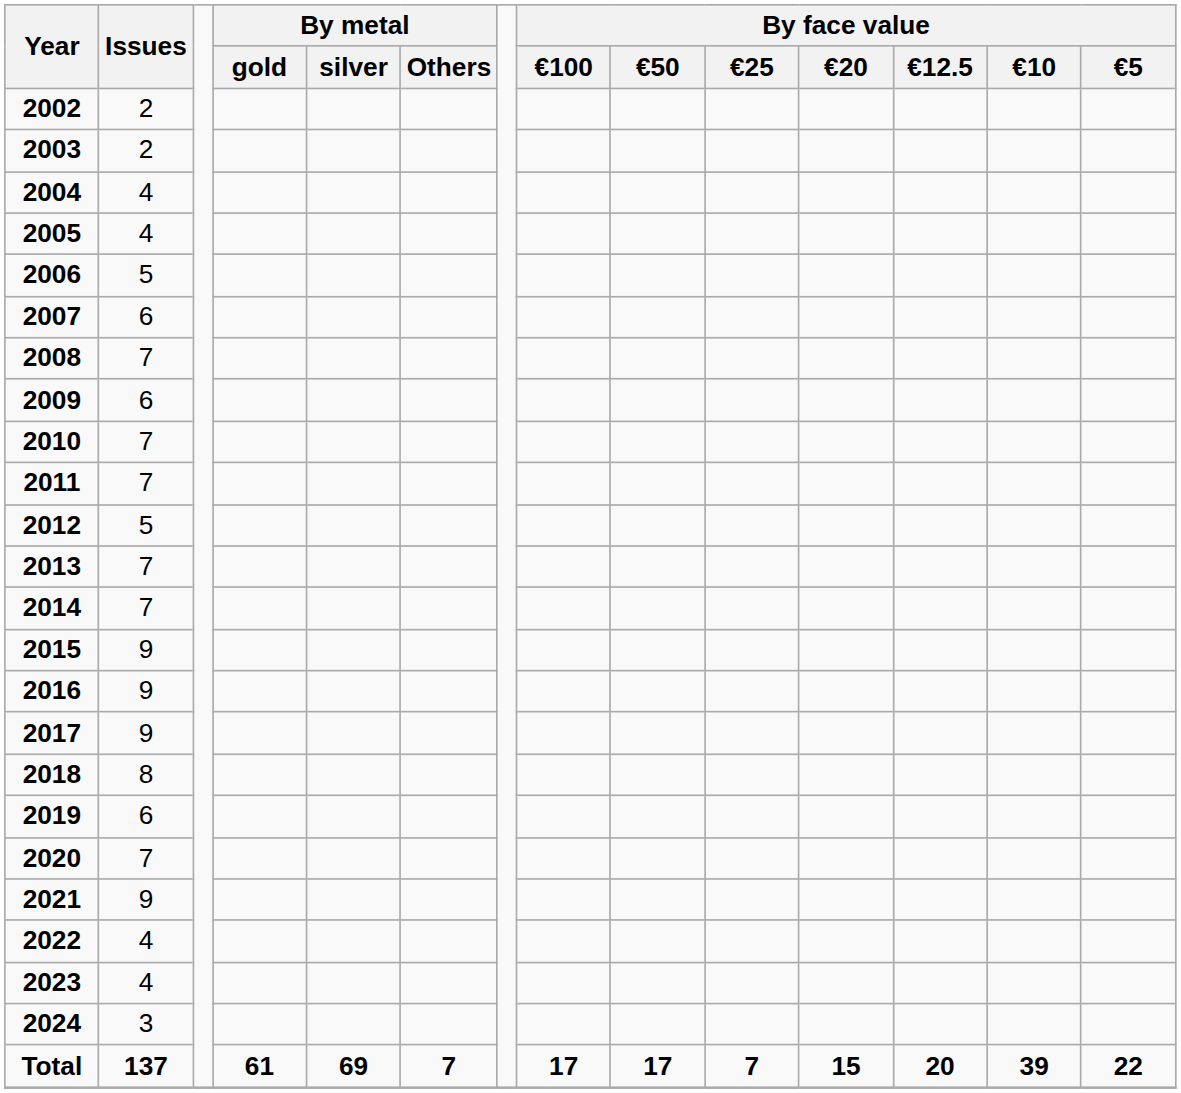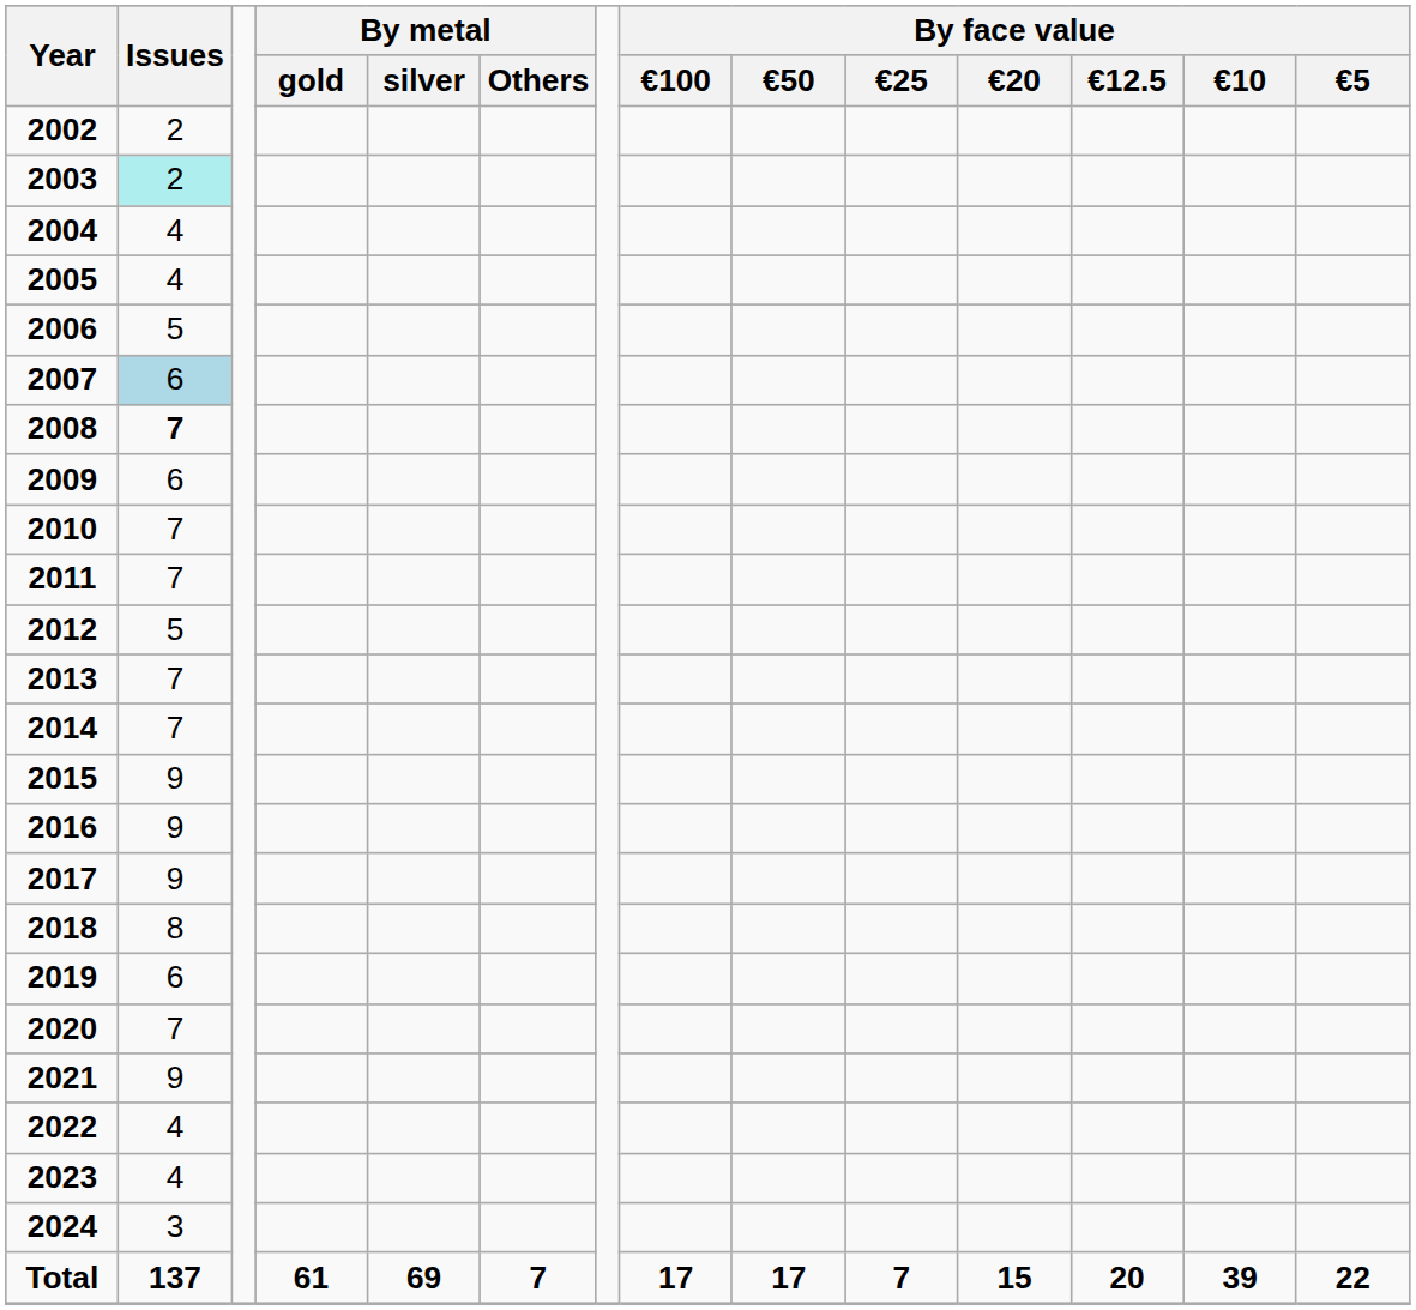 <table class="wikitable" style="text-align: center;">
 <tr>
 <th rowspan="2" style="width:50px;">Year</th>
 <th rowspan="2" style="width:50px;">Issues</th>
 <td rowspan="26"> </td>
 <th colspan=3>By metal</th>
 <td rowspan="26"> </td>
 <th colspan=7>By face value</th>
 </tr>
 <tr>
 <th style="width:50px;">gold</th>
 <th style="width:50px;">silver</th>
 <th style="width:50px;">Others</th>
 <th style="width:50px;">€100</th>
 <th style="width:50px;">€50</th>
 <th style="width:50px;">€25</th>
 <th style="width:50px;">€20</th>
 <th style="width:50px;">€12.5</th>
 <th style="width:50px;">€10</th>
 <th style="width:50px;">€5</th>
 </tr>
 <tr>
 <td style="text-align: center;"><strong>2002</strong></td>
 <td>2</td>
 <td></td>
 <td></td>
 <td></td>
 <td></td>
 <td></td>
 <td></td>
 <td></td>
 <td></td>
 <td></td>
 <td></td>
 </tr>
 <tr>
 <td style="text-align: center;"><strong>2003</strong></td>
-<td>2</td>
+<td style="background: paleturquoise;">2</td>
 <td></td>
 <td></td>
 <td></td>
 <td></td>
 <td></td>
 <td></td>
 <td></td>
 <td></td>
 <td></td>
 <td></td>
 </tr>
 <tr>
 <td style="text-align: center;"><strong>2004</strong></td>
 <td>4</td>
 <td></td>
 <td></td>
 <td></td>
 <td></td>
 <td></td>
 <td></td>
 <td></td>
 <td></td>
 <td></td>
 <td></td>
 </tr>
 <tr>
 <td style="text-align: center;"><strong>2005</strong></td>
 <td>4</td>
 <td></td>
 <td></td>
 <td></td>
 <td></td>
 <td></td>
 <td></td>
 <td></td>
 <td></td>
 <td></td>
 <td></td>
 </tr>
 <tr>
 <td style="text-align: center;"><strong>2006</strong></td>
 <td>5</td>
 <td></td>
 <td></td>
 <td></td>
 <td></td>
 <td></td>
 <td></td>
 <td></td>
 <td></td>
 <td></td>
 <td></td>
 </tr>
 <tr>
 <td style="text-align: center;"><strong>2007</strong></td>
-<td>6</td>
+<td style="background: lightblue;">6</td>
 <td></td>
 <td></td>
 <td></td>
 <td></td>
 <td></td>
 <td></td>
 <td></td>
 <td></td>
 <td></td>
 <td></td>
 </tr>
 <tr>
 <td style="text-align: center;"><strong>2008</strong></td>
-<td>7</td>
+<td><strong>7</strong></td>
 <td></td>
 <td></td>
 <td></td>
 <td></td>
 <td></td>
 <td></td>
 <td></td>
 <td></td>
 <td></td>
 <td></td>
 </tr>
 <tr>
 <td style="text-align: center;"><strong>2009</strong></td>
 <td>6</td>
 <td></td>
 <td></td>
 <td></td>
 <td></td>
 <td></td>
 <td></td>
 <td></td>
 <td></td>
 <td></td>
 <td></td>
 </tr>
 <tr>
 <td style="text-align: center;"><strong>2010</strong></td>
 <td>7</td>
 <td></td>
 <td></td>
 <td></td>
 <td></td>
 <td></td>
 <td></td>
 <td></td>
 <td></td>
 <td></td>
 <td></td>
 </tr>
 <tr>
 <td style="text-align: center;"><strong>2011</strong></td>
 <td>7</td>
 <td></td>
 <td></td>
 <td></td>
 <td></td>
 <td></td>
 <td></td>
 <td></td>
 <td></td>
 <td></td>
 <td></td>
 </tr>
 <tr>
 <td style="text-align: center;"><strong>2012</strong></td>
 <td>5</td>
 <td></td>
 <td></td>
 <td></td>
 <td></td>
 <td></td>
 <td></td>
 <td></td>
 <td></td>
 <td></td>
 <td></td>
 </tr>
 <tr>
 <td style="text-align: center;"><strong>2013</strong></td>
 <td>7</td>
 <td></td>
 <td></td>
 <td></td>
 <td></td>
 <td></td>
 <td></td>
 <td></td>
 <td></td>
 <td></td>
 <td></td>
 </tr>
 <tr>
 <td style="text-align: center;"><strong>2014</strong></td>
 <td>7</td>
 <td></td>
 <td></td>
 <td></td>
 <td></td>
 <td></td>
 <td></td>
 <td></td>
 <td></td>
 <td></td>
 <td></td>
 </tr>
 <tr>
 <td style="text-align: center;"><strong>2015</strong></td>
 <td>9</td>
 <td></td>
 <td></td>
 <td></td>
 <td></td>
 <td></td>
 <td></td>
 <td></td>
 <td></td>
 <td></td>
 <td></td>
 </tr>
 <tr>
 <td style="text-align: center;"><strong>2016</strong></td>
 <td>9</td>
 <td></td>
 <td></td>
 <td></td>
 <td></td>
 <td></td>
 <td></td>
 <td></td>
 <td></td>
 <td></td>
 <td></td>
 </tr>
 <tr>
 <td style="text-align: center;"><strong>2017</strong></td>
 <td>9</td>
 <td></td>
 <td></td>
 <td></td>
 <td></td>
 <td></td>
 <td></td>
 <td></td>
 <td></td>
 <td></td>
 <td></td>
 </tr>
 <tr>
 <td style="text-align: center;"><strong>2018</strong></td>
 <td>8</td>
 <td></td>
 <td></td>
 <td></td>
 <td></td>
 <td></td>
 <td></td>
 <td></td>
 <td></td>
 <td></td>
 <td></td>
 </tr>
 <tr>
 <td style="text-align: center;"><strong>2019</strong></td>
 <td>6</td>
 <td></td>
 <td></td>
 <td></td>
 <td></td>
 <td></td>
 <td></td>
 <td></td>
 <td></td>
 <td></td>
 <td></td>
 </tr>
 <tr>
 <td style="text-align: center;"><strong>2020</strong></td>
 <td>7</td>
 <td></td>
 <td></td>
 <td></td>
 <td></td>
 <td></td>
 <td></td>
 <td></td>
 <td></td>
 <td></td>
 <td></td>
 </tr>
 <tr>
 <td style="text-align: center;"><strong>2021</strong></td>
 <td>9</td>
 <td></td>
 <td></td>
 <td></td>
 <td></td>
 <td></td>
 <td></td>
 <td></td>
 <td></td>
 <td></td>
 <td></td>
 </tr>
 <tr>
 <td style="text-align: center;"><strong>2022</strong></td>
 <td>4</td>
 <td></td>
 <td></td>
 <td></td>
 <td></td>
 <td></td>
 <td></td>
 <td></td>
 <td></td>
 <td></td>
 <td></td>
 </tr>
 <tr>
 <td style="text-align: center;"><strong>2023</strong></td>
 <td>4</td>
 <td></td>
 <td></td>
 <td></td>
 <td></td>
 <td></td>
 <td></td>
 <td></td>
 <td></td>
 <td></td>
 <td></td>
 </tr>
 <tr>
 <td style="text-align: center;"><strong>2024</strong></td>
 <td>3</td>
 <td></td>
 <td></td>
 <td></td>
 <td></td>
 <td></td>
 <td></td>
 <td></td>
 <td></td>
 <td></td>
 <td></td>
 </tr>
 <tr>
 <td style="text-align: center;"><strong>Total</strong></td>
 <td><strong>137</strong></td>
 <td><strong>61</strong></td>
 <td><strong>69</strong></td>
 <td><strong>7</strong></td>
 <td><strong>17</strong></td>
 <td><strong>17</strong></td>
 <td><strong>7</strong></td>
 <td><strong>15</strong></td>
 <td><strong>20</strong></td>
 <td><strong>39</strong></td>
 <td><strong>22</strong></td>
 </tr>
 <tr>
 <td colspan="14" style="text-align: left; padding: 0;"> </td>
 </tr>
 </table>
